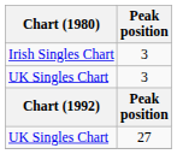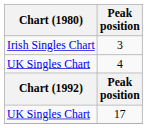 <table class="wikitable sortable">
 <tr>
 <th>Chart (1980)</th>
 <th align="center">Peak<br>position</th>
 </tr>
 <tr>
 <td><a href='#'>Irish Singles Chart</a></td>
 <td align="center">3</td>
 </tr>
 <tr>
 <td><a href='#'>UK Singles Chart</a></td>
-<td align="center">3</td>
+<td align="center">4</td>
 </tr>
 <tr>
 <th>Chart (1992)</th>
 <th align="center">Peak<br>position</th>
 </tr>
 <tr>
 <td><a href='#'>UK Singles Chart</a></td>
-<td align="center">27</td>
+<td align="center">17</td>
 </tr>
 <tr>
 </tr>
 </table>
